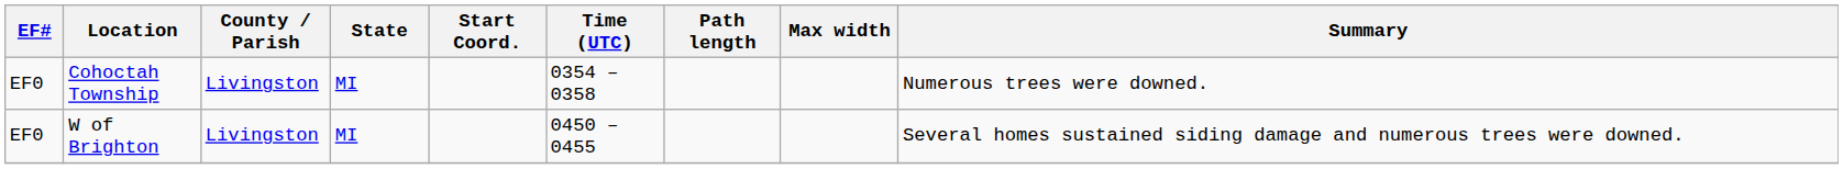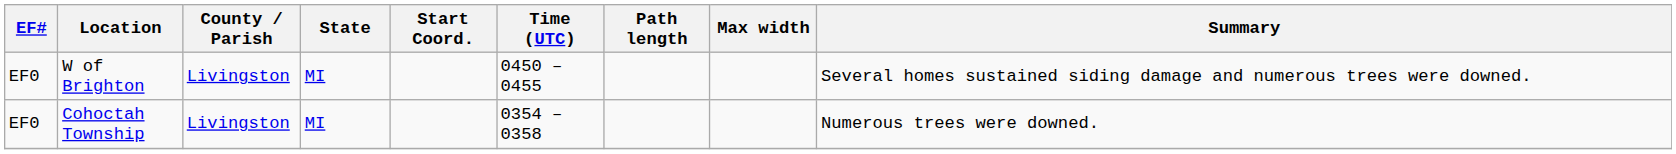 <table class="wikitable sortable" style="width:100%;">
 <tr>
 <th scope="col" width="3%" align="center"><a href='#'>EF#</a></th>
 <th scope="col" width="7%" align="center" class="unsortable">Location</th>
 <th scope="col" width="6%" align="center" class="unsortable">County / Parish</th>
 <th scope="col" width="5%" align="center">State</th>
 <th scope="col" width="6%" align="center">Start Coord.</th>
 <th scope="col" width="6%" align="center">Time (<a href='#'>UTC</a>)</th>
 <th scope="col" width="6%" align="center">Path length</th>
 <th scope="col" width="6%" align="center">Max width</th>
 <th scope="col" width="48%" class="unsortable" align="center">Summary</th>
 </tr>
 <tr>
 <td>EF0</td>
+<td>W of <a href='#'>Brighton</a></td>
+<td><a href='#'>Livingston</a></td>
+<td><a href='#'>MI</a></td>
+<td></td>
+<td>0450 – 0455</td>
+<td></td>
+<td></td>
+<td>Several homes sustained siding damage and numerous trees were downed.</td>
+</tr>
+<tr>
+<td>EF0</td>
 <td><a href='#'>Cohoctah Township</a></td>
 <td><a href='#'>Livingston</a></td>
 <td><a href='#'>MI</a></td>
 <td></td>
 <td>0354 – 0358</td>
 <td></td>
 <td></td>
 <td>Numerous trees were downed.</td>
 </tr>
 <tr>
-<td>EF0</td>
-<td>W of <a href='#'>Brighton</a></td>
-<td><a href='#'>Livingston</a></td>
-<td><a href='#'>MI</a></td>
-<td></td>
-<td>0450 – 0455</td>
-<td></td>
-<td></td>
-<td>Several homes sustained siding damage and numerous trees were downed.</td>
-</tr>
-<tr>
 </tr>
 </table>
